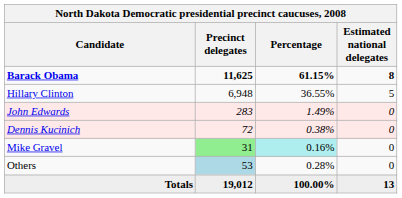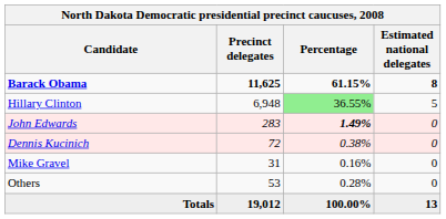 <table class="wikitable" style="font-size: 95%; text-align:right;">
 <tr>
 <th colspan="4">North Dakota Democratic presidential precinct caucuses, 2008</th>
 </tr>
 <tr>
 <th style="width: 17em">Candidate</th>
 <th style="width: 5em">Precinct delegates</th>
 <th style="width: 7em">Percentage</th>
 <th style="width: 5em">Estimated national delegates</th>
 </tr>
 <tr>
 <td align="left"><strong><a href='#'>Barack Obama</a></strong></td>
 <td><strong>11,625</strong></td>
 <td><strong>61.15%</strong></td>
 <td><strong>8</strong></td>
 </tr>
 <tr>
 <td align="left"><a href='#'>Hillary Clinton</a></td>
 <td>6,948</td>
-<td>36.55%</td>
+<td style="background: lightgreen;">36.55%</td>
 <td>5</td>
 </tr>
 <tr bgcolor=#FFE8E8>
 <td align="left"><em><a href='#'>John Edwards</a></em></td>
 <td><em>283</em></td>
-<td><em>1.49%</em></td>
+<td><strong><em>1.49%</em></strong></td>
 <td><em>0</em></td>
 </tr>
 <tr bgcolor=#FFE8E8>
 <td align="left"><em><a href='#'>Dennis Kucinich</a></em></td>
 <td><em>72</em></td>
 <td><em>0.38%</em></td>
 <td><em>0</em></td>
 </tr>
 <tr>
 <td align="left"><a href='#'>Mike Gravel</a></td>
-<td style="background: lightgreen;">31</td>
-<td style="background: paleturquoise;">0.16%</td>
+<td>31</td>
+<td>0.16%</td>
 <td>0</td>
 </tr>
 <tr>
 <td align="left">Others</td>
-<td style="background: lightblue;">53</td>
+<td>53</td>
 <td>0.28%</td>
 <td>0</td>
 </tr>
 <tr bgcolor="#EEEEEE" style="margin-right:0.5em">
 <td><strong>Totals</strong></td>
 <td><strong>19,012</strong></td>
 <td><strong>100.00%</strong></td>
 <td><strong>13</strong></td>
 </tr>
 </table>
